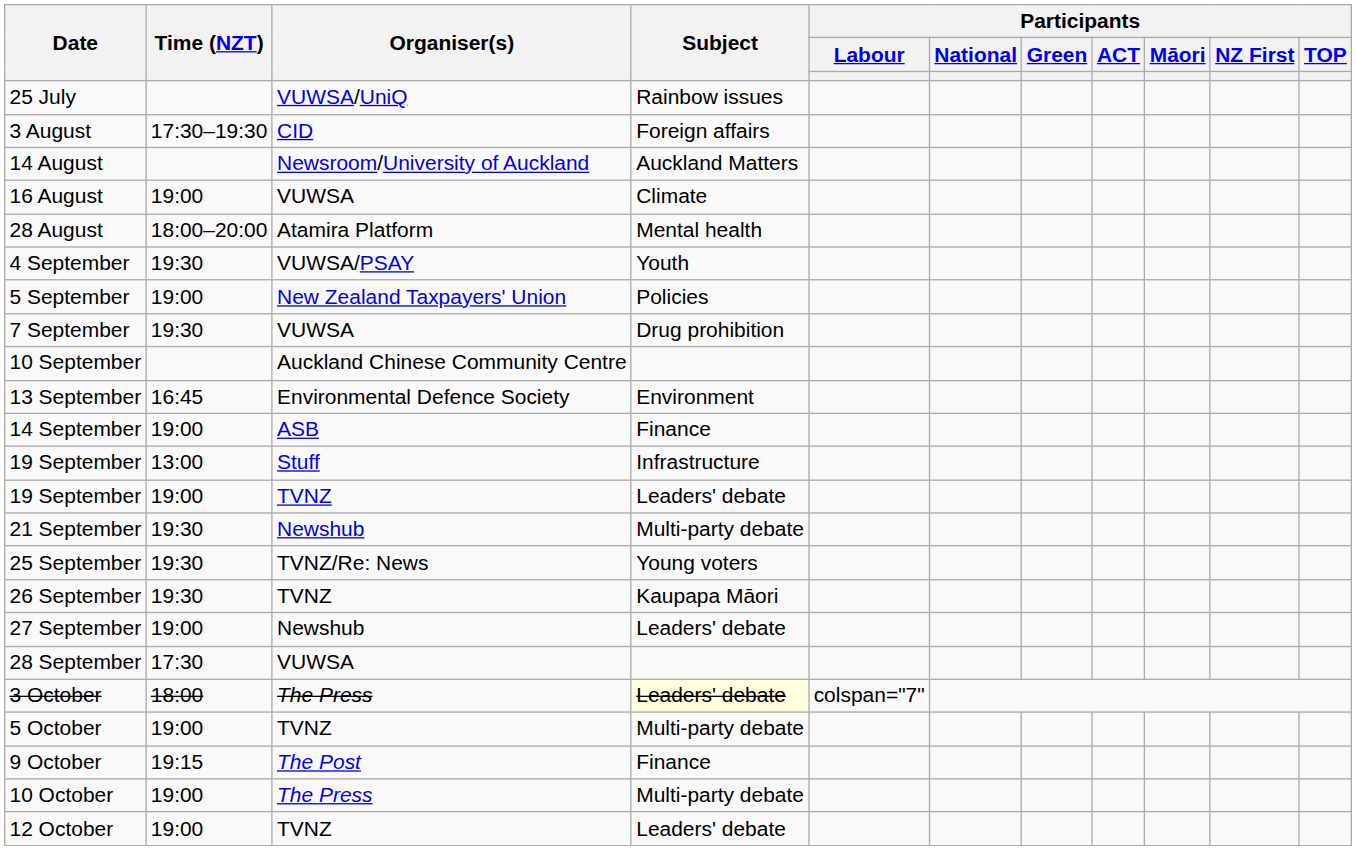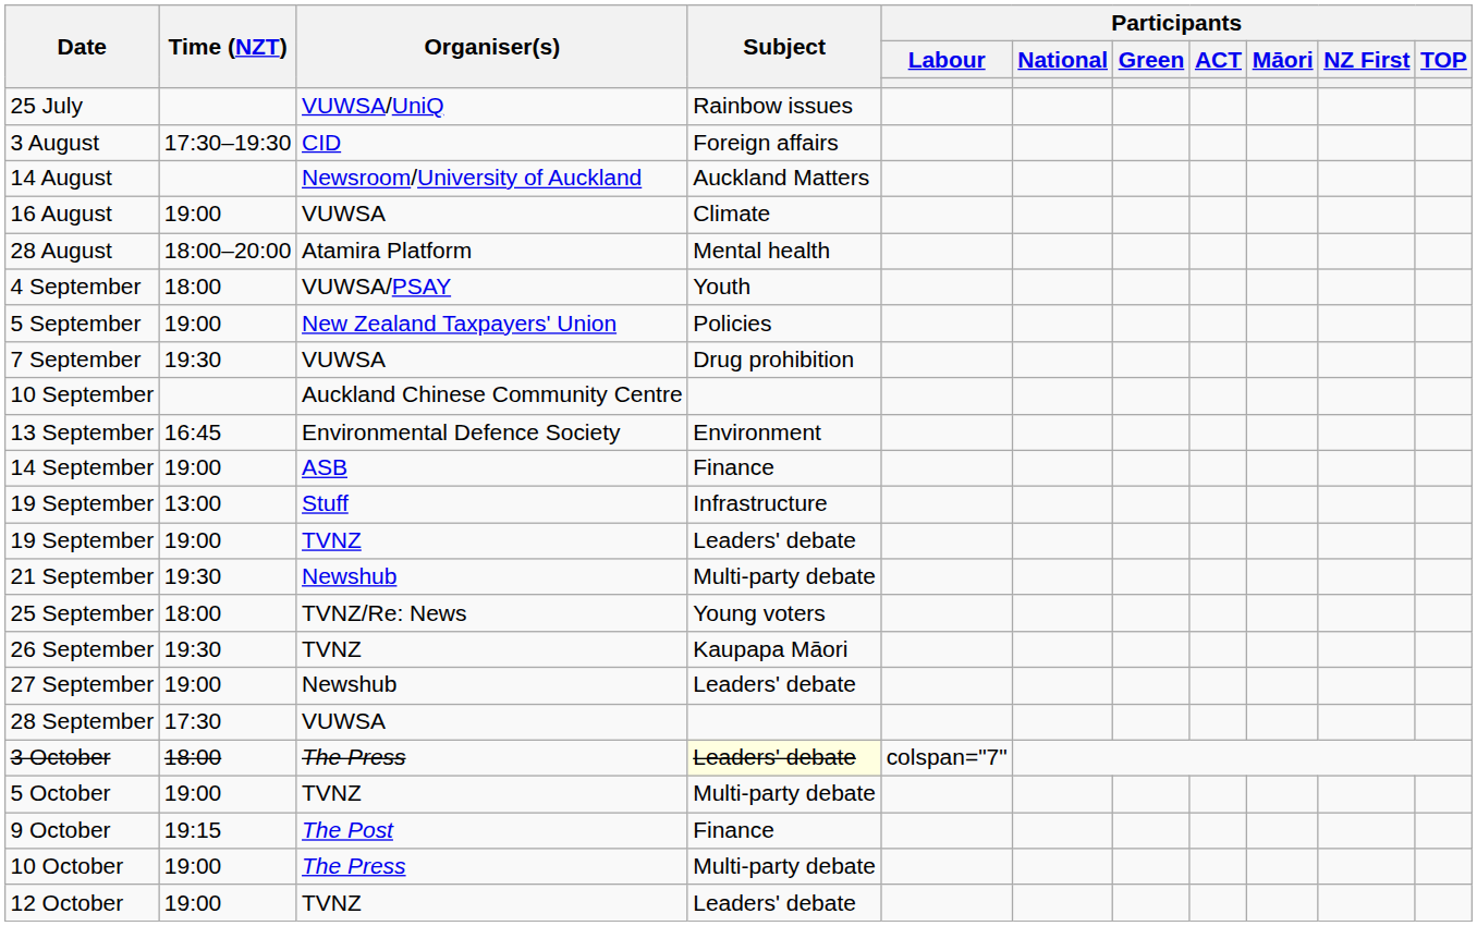 <table class="wikitable collapsed">
 <tr>
 <th rowspan="3">Date</th>
 <th rowspan="3">Time (<a href='#'>NZT</a>)</th>
 <th rowspan="3">Organiser(s)</th>
 <th rowspan="3">Subject</th>
 <th colspan="9">Participants</th>
 </tr>
 <tr>
 <th><a href='#'>Labour</a></th>
 <th><a href='#'>National</a></th>
 <th><a href='#'>Green</a></th>
 <th><a href='#'>ACT</a></th>
 <th><a href='#'>Māori</a></th>
 <th><a href='#'>NZ First</a></th>
 <th><a href='#'>TOP</a></th>
 </tr>
 <tr>
 <th style="background:"></th>
 <th style="background:"></th>
 <th style="background:"></th>
 <th style="background:"></th>
 <th style="background:"></th>
 <th style="background:"></th>
 <th style="background:"></th>
 </tr>
 <tr>
 <td>25 July</td>
 <td></td>
 <td><a href='#'>VUWSA</a>/<a href='#'>UniQ</a></td>
 <td>Rainbow issues</td>
 <td></td>
 <td></td>
 <td></td>
 <td></td>
 <td></td>
 <td></td>
 <td></td>
 </tr>
 <tr>
 <td>3 August</td>
 <td>17:30–19:30</td>
 <td><a href='#'>CID</a></td>
 <td>Foreign affairs</td>
 <td></td>
 <td></td>
 <td></td>
 <td></td>
 <td></td>
 <td></td>
 <td></td>
 </tr>
 <tr>
 <td>14 August</td>
 <td></td>
 <td><a href='#'>Newsroom</a>/<a href='#'>University of Auckland</a></td>
 <td>Auckland Matters</td>
 <td></td>
 <td></td>
 <td></td>
 <td></td>
 <td></td>
 <td></td>
 <td></td>
 </tr>
 <tr>
 <td>16 August</td>
 <td>19:00</td>
 <td>VUWSA</td>
 <td>Climate</td>
 <td></td>
 <td></td>
 <td></td>
 <td></td>
 <td></td>
 <td></td>
 <td></td>
 </tr>
 <tr>
 <td>28 August</td>
 <td>18:00–20:00</td>
 <td>Atamira Platform</td>
 <td>Mental health</td>
 <td></td>
 <td></td>
 <td></td>
 <td></td>
 <td></td>
 <td></td>
 <td></td>
 </tr>
 <tr>
 <td>4 September</td>
-<td>19:30</td>
+<td>18:00</td>
 <td>VUWSA/<a href='#'>PSAY</a></td>
 <td>Youth</td>
 <td></td>
 <td></td>
 <td></td>
 <td></td>
 <td></td>
 <td></td>
 <td></td>
 </tr>
 <tr>
 <td>5 September</td>
 <td>19:00</td>
 <td><a href='#'>New Zealand Taxpayers' Union</a></td>
 <td>Policies</td>
 <td></td>
 <td></td>
 <td></td>
 <td></td>
 <td></td>
 <td></td>
 <td></td>
 </tr>
 <tr>
 <td>7 September</td>
 <td>19:30</td>
 <td>VUWSA</td>
 <td>Drug prohibition</td>
 <td></td>
 <td></td>
 <td></td>
 <td></td>
 <td></td>
 <td></td>
 <td></td>
 </tr>
 <tr>
 <td>10 September</td>
 <td></td>
 <td>Auckland Chinese Community Centre</td>
 <td></td>
 <td></td>
 <td></td>
 <td></td>
 <td></td>
 <td></td>
 <td></td>
 <td></td>
 </tr>
 <tr>
 <td>13 September</td>
 <td>16:45</td>
 <td>Environmental Defence Society</td>
 <td>Environment</td>
 <td></td>
 <td></td>
 <td></td>
 <td></td>
 <td></td>
 <td></td>
 <td></td>
 </tr>
 <tr>
 <td>14 September</td>
 <td>19:00</td>
 <td><a href='#'>ASB</a></td>
 <td>Finance</td>
 <td></td>
 <td></td>
 <td></td>
 <td></td>
 <td></td>
 <td></td>
 <td></td>
 </tr>
 <tr>
 <td>19 September</td>
 <td>13:00</td>
 <td><a href='#'>Stuff</a></td>
 <td>Infrastructure</td>
 <td></td>
 <td></td>
 <td></td>
 <td></td>
 <td></td>
 <td></td>
 <td></td>
 </tr>
 <tr>
 <td>19 September</td>
 <td>19:00</td>
 <td><a href='#'>TVNZ</a></td>
 <td>Leaders' debate</td>
 <td></td>
 <td></td>
 <td></td>
 <td></td>
 <td></td>
 <td></td>
 <td></td>
 </tr>
 <tr>
 <td>21 September</td>
 <td>19:30</td>
 <td><a href='#'>Newshub</a></td>
 <td>Multi-party debate</td>
 <td></td>
 <td></td>
 <td></td>
 <td></td>
 <td></td>
 <td></td>
 <td></td>
 </tr>
 <tr>
 <td>25 September</td>
-<td>19:30</td>
+<td>18:00</td>
 <td>TVNZ/Re: News</td>
 <td>Young voters</td>
 <td></td>
 <td></td>
 <td></td>
 <td></td>
 <td></td>
 <td></td>
 <td></td>
 </tr>
 <tr>
 <td>26 September</td>
 <td>19:30</td>
 <td>TVNZ</td>
 <td>Kaupapa Māori</td>
 <td></td>
 <td></td>
 <td></td>
 <td></td>
 <td></td>
 <td></td>
 <td></td>
 </tr>
 <tr>
 <td>27 September</td>
 <td>19:00</td>
 <td>Newshub</td>
 <td>Leaders' debate</td>
 <td></td>
 <td></td>
 <td></td>
 <td></td>
 <td></td>
 <td></td>
 <td></td>
 </tr>
 <tr>
 <td>28 September</td>
 <td>17:30</td>
 <td>VUWSA</td>
 <td></td>
 <td></td>
 <td></td>
 <td></td>
 <td></td>
 <td></td>
 <td></td>
 <td></td>
 </tr>
 <tr>
 <td><s>3 October</s></td>
 <td><s>18:00</s></td>
 <td><s><em>The Press</em></s></td>
 <td style="background: lightyellow;"><s>Leaders' debate</s></td>
 <td>colspan="7" </td>
 </tr>
 <tr>
 <td>5 October</td>
 <td>19:00</td>
 <td>TVNZ</td>
 <td>Multi-party debate</td>
 <td></td>
 <td></td>
 <td></td>
 <td></td>
 <td></td>
 <td></td>
 <td></td>
 </tr>
 <tr>
 <td>9 October</td>
 <td>19:15</td>
 <td><em><a href='#'>The Post</a></em></td>
 <td>Finance</td>
 <td></td>
 <td></td>
 <td></td>
 <td></td>
 <td></td>
 <td></td>
 <td></td>
 </tr>
 <tr>
 <td>10 October</td>
 <td>19:00</td>
 <td><em><a href='#'>The Press</a></em></td>
 <td>Multi-party debate</td>
 <td></td>
 <td></td>
 <td></td>
 <td></td>
 <td></td>
 <td></td>
 <td></td>
 </tr>
 <tr>
 <td>12 October</td>
 <td>19:00</td>
 <td>TVNZ</td>
 <td>Leaders' debate</td>
 <td></td>
 <td></td>
 <td></td>
 <td></td>
 <td></td>
 <td></td>
 <td></td>
 </tr>
 </table>
